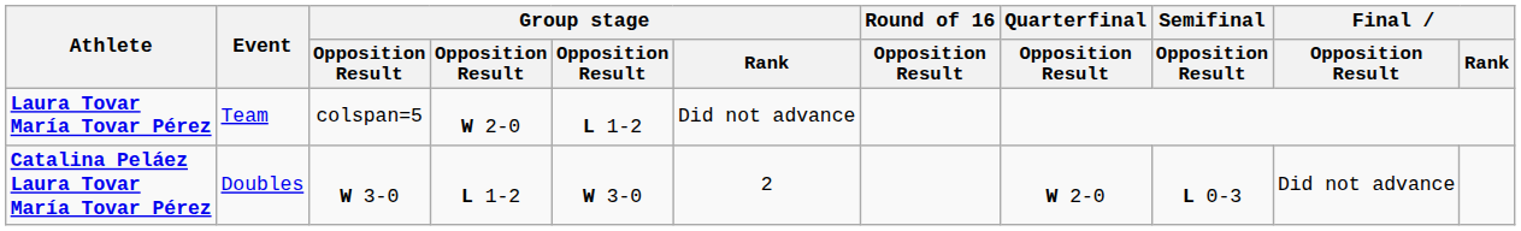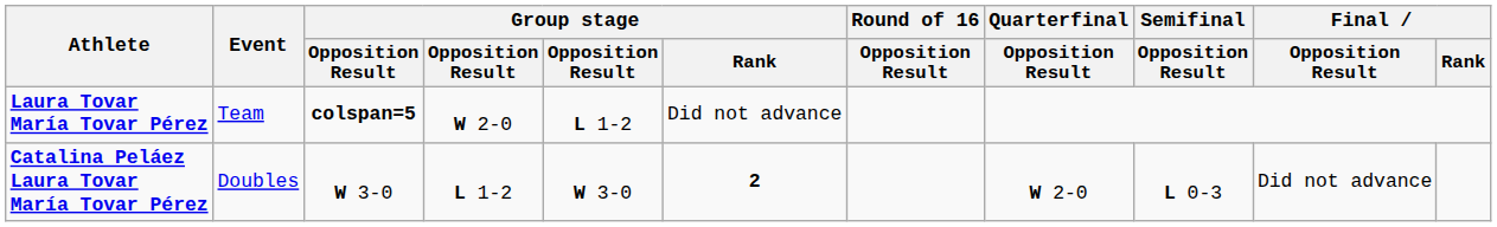 <table class=wikitable style=font-size:90%;text-align:center>
 <tr>
 <th rowspan=2>Athlete</th>
 <th rowspan=2>Event</th>
 <th colspan=4>Group stage</th>
 <th>Round of 16</th>
 <th>Quarterfinal</th>
 <th>Semifinal</th>
 <th colspan=2>Final / </th>
 </tr>
 <tr style=font-size:95%>
 <th>Opposition<br>Result</th>
 <th>Opposition<br>Result</th>
 <th>Opposition<br>Result</th>
 <th>Rank</th>
 <th>Opposition<br>Result</th>
 <th>Opposition<br>Result</th>
 <th>Opposition<br>Result</th>
 <th>Opposition<br>Result</th>
 <th>Rank</th>
 </tr>
 <tr>
 <td align=left><strong><a href='#'>Laura Tovar</a><br><a href='#'>María Tovar Pérez</a></strong></td>
 <td align=left><a href='#'>Team</a></td>
-<td>colspan=5 </td>
+<td><strong>colspan=5 </strong></td>
 <td><br><strong>W</strong> 2-0</td>
 <td><br><strong>L</strong> 1-2</td>
 <td>Did not advance</td>
 <td></td>
 </tr>
 <tr>
 <td align=left><strong><a href='#'>Catalina Peláez</a><br><a href='#'>Laura Tovar</a><br><a href='#'>María Tovar Pérez</a></strong></td>
 <td align=left><a href='#'>Doubles</a></td>
 <td><br><strong>W</strong> 3-0</td>
 <td><br><strong>L</strong> 1-2</td>
 <td><br><strong>W</strong> 3-0</td>
-<td>2</td>
+<td><strong>2</strong></td>
 <td></td>
 <td><br><strong>W</strong> 2-0</td>
 <td><br><strong>L</strong> 0-3</td>
 <td>Did not advance</td>
 <td></td>
 </tr>
 </table>
